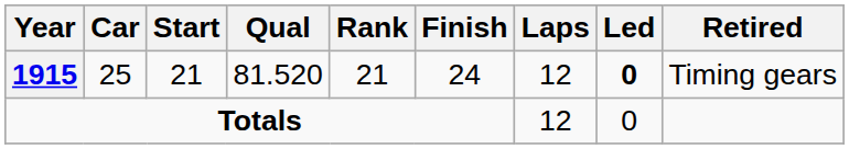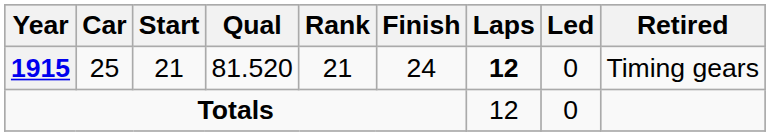 <table class="wikitable" style="text-align:center">
 <tr>
 <th>Year</th>
 <th>Car</th>
 <th>Start</th>
 <th>Qual</th>
 <th>Rank</th>
 <th>Finish</th>
 <th>Laps</th>
 <th>Led</th>
 <th>Retired</th>
 </tr>
 <tr>
 <th><a href='#'>1915</a></th>
 <td>25</td>
 <td>21</td>
 <td>81.520</td>
 <td>21</td>
 <td>24</td>
-<td>12</td>
-<td><strong>0</strong></td>
+<td><strong>12</strong></td>
+<td>0</td>
 <td>Timing gears</td>
 </tr>
 <tr>
 <td colspan=6><strong>Totals</strong></td>
 <td>12</td>
 <td>0</td>
 <td></td>
 </tr>
 </table>
